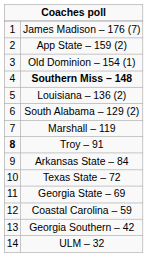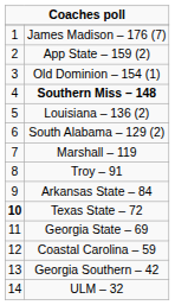 <table class="wikitable" style="display: inline-table;">
 <tr>
 <td align="center" Colspan="3"><strong>Coaches poll</strong></td>
 </tr>
 <tr align="center">
 </tr>
 <tr align="center">
 <td>1</td>
 <td>James Madison – 176 (7)</td>
 </tr>
 <tr align="center">
 <td>2</td>
 <td>App State – 159 (2)</td>
 </tr>
 <tr align="center">
 <td>3</td>
 <td>Old Dominion – 154 (1)</td>
 </tr>
 <tr align="center">
 <td>4</td>
 <td><strong>Southern Miss – 148</strong></td>
 </tr>
 <tr align="center">
 <td>5</td>
 <td>Louisiana – 136 (2)</td>
 </tr>
 <tr align="center">
 <td>6</td>
 <td>South Alabama – 129 (2)</td>
 </tr>
 <tr align="center">
 <td>7</td>
 <td>Marshall – 119</td>
 </tr>
 <tr align="center">
-<td><strong>8</strong></td>
+<td>8</td>
 <td>Troy – 91</td>
 </tr>
 <tr align="center">
 <td>9</td>
 <td>Arkansas State – 84</td>
 </tr>
 <tr align="center">
-<td>10</td>
+<td><strong>10</strong></td>
 <td>Texas State – 72</td>
 </tr>
 <tr align="center">
 <td>11</td>
 <td>Georgia State – 69</td>
 </tr>
 <tr align="center">
 <td>12</td>
 <td>Coastal Carolina – 59</td>
 </tr>
 <tr align="center">
 <td>13</td>
 <td>Georgia Southern – 42</td>
 </tr>
 <tr align="center">
 <td>14</td>
 <td>ULM – 32</td>
 </tr>
 </table>
